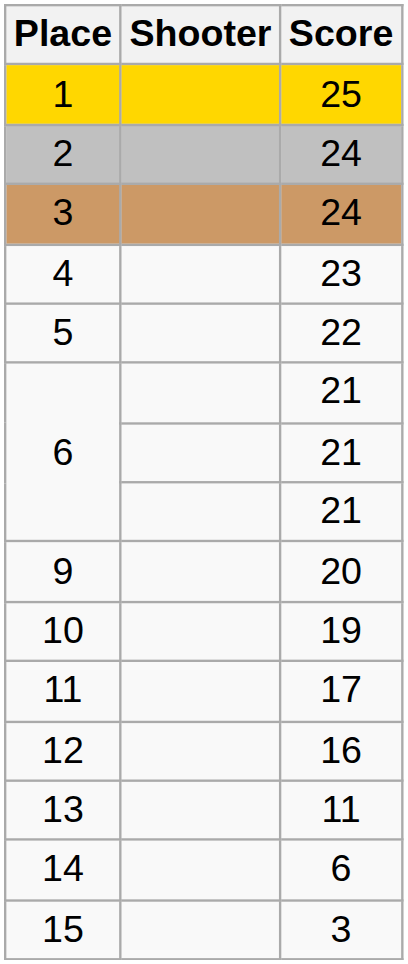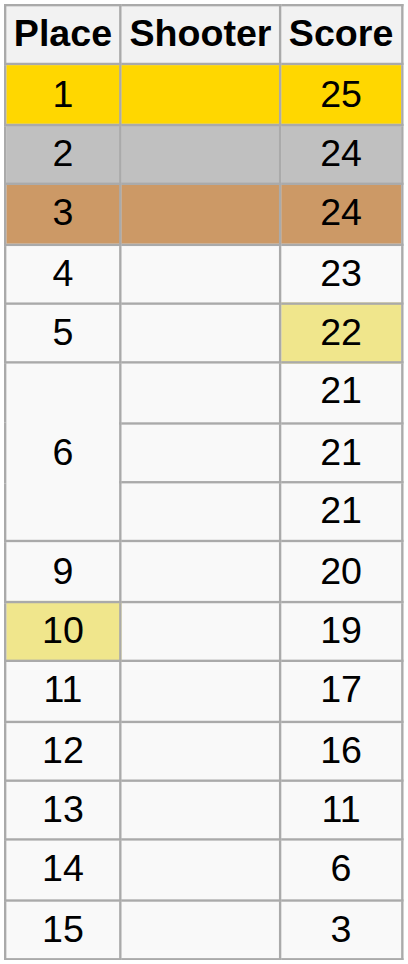 <table class=wikitable>
 <tr>
 <th>Place</th>
 <th>Shooter</th>
 <th>Score</th>
 </tr>
 <tr bgcolor=gold>
 <td align=center>1</td>
 <td></td>
 <td align=center>25</td>
 </tr>
 <tr bgcolor=silver>
 <td align=center>2</td>
 <td></td>
 <td align=center>24</td>
 </tr>
 <tr bgcolor=cc9966>
 <td align=center>3</td>
 <td></td>
 <td align=center>24</td>
 </tr>
 <tr>
 <td align=center>4</td>
 <td></td>
 <td align=center>23</td>
 </tr>
 <tr>
 <td align=center>5</td>
 <td></td>
-<td align=center>22</td>
+<td align=center style="background: khaki;">22</td>
 </tr>
 <tr>
 <td align=center rowspan=3>6</td>
 <td></td>
 <td align=center>21</td>
 </tr>
 <tr>
 <td></td>
 <td align=center>21</td>
 </tr>
 <tr>
 <td></td>
 <td align=center>21</td>
 </tr>
 <tr>
 <td align=center>9</td>
 <td></td>
 <td align=center>20</td>
 </tr>
 <tr>
-<td align=center>10</td>
+<td align=center style="background: khaki;">10</td>
 <td></td>
 <td align=center>19</td>
 </tr>
 <tr>
 <td align=center>11</td>
 <td></td>
 <td align=center>17</td>
 </tr>
 <tr>
 <td align=center>12</td>
 <td></td>
 <td align=center>16</td>
 </tr>
 <tr>
 <td align=center>13</td>
 <td></td>
 <td align=center>11</td>
 </tr>
 <tr>
 <td align=center>14</td>
 <td></td>
 <td align=center>6</td>
 </tr>
 <tr>
 <td align=center>15</td>
 <td></td>
 <td align=center>3</td>
 </tr>
 </table>
